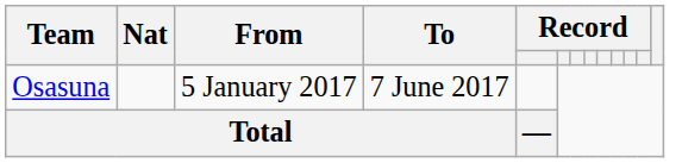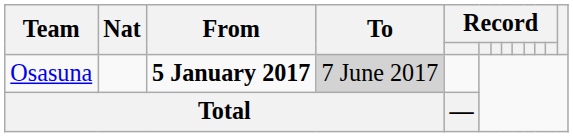 <table class="wikitable" style="text-align: center">
 <tr>
 <th rowspan="2">Team</th>
 <th rowspan="2">Nat</th>
 <th rowspan="2">From</th>
 <th rowspan="2">To</th>
 <th colspan="8">Record</th>
 <th rowspan=2></th>
 </tr>
 <tr>
 <th></th>
 <th></th>
 <th></th>
 <th></th>
 <th></th>
 <th></th>
 <th></th>
 <th></th>
 </tr>
 <tr>
 <td align=left><a href='#'>Osasuna</a></td>
 <td></td>
-<td align=left>5 January 2017</td>
-<td align=left>7 June 2017<br></td>
+<td align=left><strong>5 January 2017</strong></td>
+<td align=left style="background: lightgrey;">7 June 2017<br></td>
 <td></td>
 </tr>
 <tr>
 <th colspan="4">Total<br></th>
 <th>—</th>
 </tr>
 </table>
